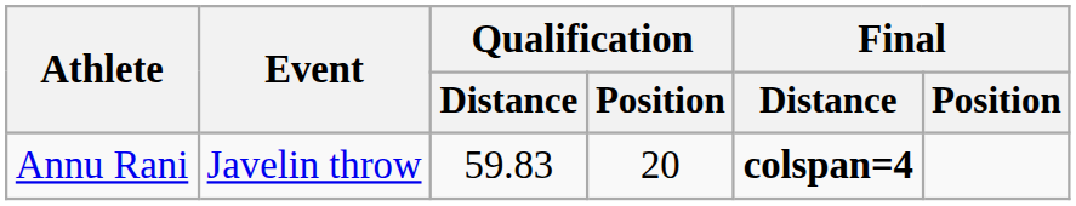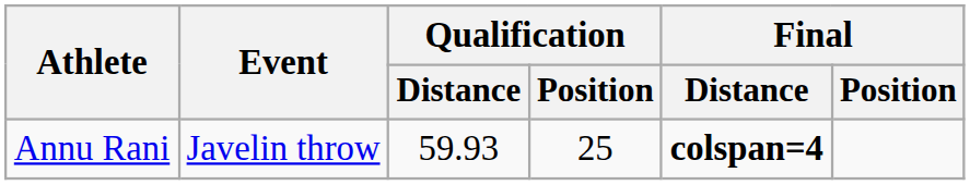 <table class=wikitable style="font-size:90%">
 <tr>
 <th rowspan="2">Athlete</th>
 <th rowspan="2">Event</th>
 <th colspan="2">Qualification</th>
 <th colspan="2">Final</th>
 </tr>
 <tr style="font-size:95%">
 <th>Distance</th>
 <th>Position</th>
 <th>Distance</th>
 <th>Position</th>
 </tr>
 <tr style=text-align:center>
 <td style=text-align:left><a href='#'>Annu Rani</a></td>
 <td style=text-align:left><a href='#'>Javelin throw</a></td>
-<td>59.83</td>
-<td>20</td>
+<td>59.93</td>
+<td>25</td>
 <td><strong>colspan=4 </strong></td>
 </tr>
 </table>
